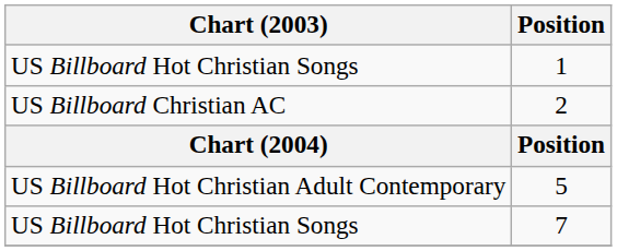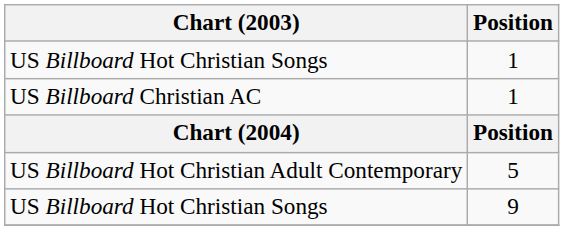 <table class="wikitable">
 <tr>
 <th>Chart (2003)</th>
 <th>Position</th>
 </tr>
 <tr>
 <td align="left">US <em>Billboard</em> Hot Christian Songs</td>
 <td align="center">1</td>
 </tr>
 <tr>
 <td align="left">US <em>Billboard</em> Christian AC</td>
-<td align="center">2</td>
+<td align="center">1</td>
 </tr>
 <tr>
 <th>Chart (2004)</th>
 <th>Position</th>
 </tr>
 <tr>
 <td align="left">US <em>Billboard</em> Hot Christian Adult Contemporary</td>
 <td align="center">5</td>
 </tr>
 <tr>
 <td align="left">US <em>Billboard</em> Hot Christian Songs</td>
-<td align="center">7</td>
+<td align="center">9</td>
 </tr>
 <tr>
 </tr>
 </table>
